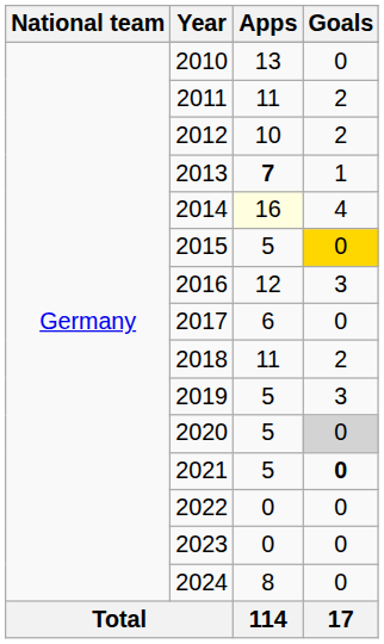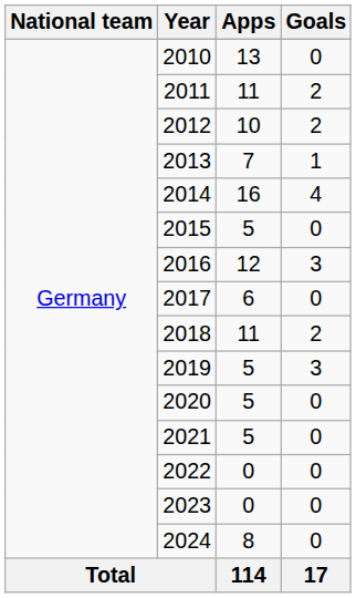 <table class="wikitable" style="text-align: center;">
 <tr>
 <th>National team</th>
 <th>Year</th>
 <th>Apps</th>
 <th>Goals</th>
 </tr>
 <tr>
 <td rowspan="16"><a href='#'>Germany</a></td>
 </tr>
 <tr>
 <td>2010</td>
 <td>13</td>
 <td>0</td>
 </tr>
 <tr>
 <td>2011</td>
 <td>11</td>
 <td>2</td>
 </tr>
 <tr>
 <td>2012</td>
 <td>10</td>
 <td>2</td>
 </tr>
 <tr>
 <td>2013</td>
-<td><strong>7</strong></td>
+<td>7</td>
 <td>1</td>
 </tr>
 <tr>
 <td>2014</td>
-<td style="background: lightyellow;">16</td>
+<td>16</td>
 <td>4</td>
 </tr>
 <tr>
 <td>2015</td>
 <td>5</td>
-<td style="background: gold;">0</td>
+<td>0</td>
 </tr>
 <tr>
 <td>2016</td>
 <td>12</td>
 <td>3</td>
 </tr>
 <tr>
 <td>2017</td>
 <td>6</td>
 <td>0</td>
 </tr>
 <tr>
 <td>2018</td>
 <td>11</td>
 <td>2</td>
 </tr>
 <tr>
 <td>2019</td>
 <td>5</td>
 <td>3</td>
 </tr>
 <tr>
 <td>2020</td>
 <td>5</td>
-<td style="background: lightgrey;">0</td>
+<td>0</td>
 </tr>
 <tr>
 <td>2021</td>
 <td>5</td>
-<td><strong>0</strong></td>
+<td>0</td>
 </tr>
 <tr>
 <td>2022</td>
 <td>0</td>
 <td>0</td>
 </tr>
 <tr>
 <td>2023</td>
 <td>0</td>
 <td>0</td>
 </tr>
 <tr>
 <td>2024</td>
 <td>8</td>
 <td>0</td>
 </tr>
 <tr>
 <th colspan="2">Total</th>
 <th>114</th>
 <th>17</th>
 </tr>
 </table>
